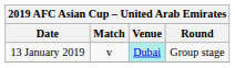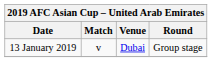 <table class="wikitable" style="margin:1em auto 1em auto; text-align:center; font-size:small;">
 <tr>
 <th colspan="4">2019 AFC Asian Cup – United Arab Emirates</th>
 </tr>
 <tr>
 <th>Date</th>
 <th>Match</th>
 <th>Venue</th>
 <th>Round</th>
 </tr>
 <tr>
 <td>13 January 2019</td>
 <td> v </td>
-<td style="background: paleturquoise;"><a href='#'>Dubai</a></td>
+<td><a href='#'>Dubai</a></td>
 <td>Group stage</td>
 </tr>
 <tr>
 </tr>
 </table>
